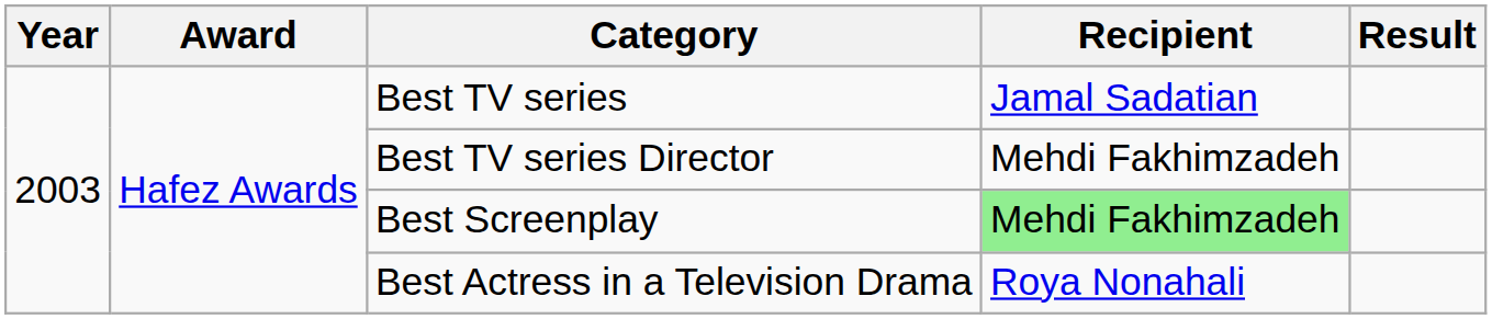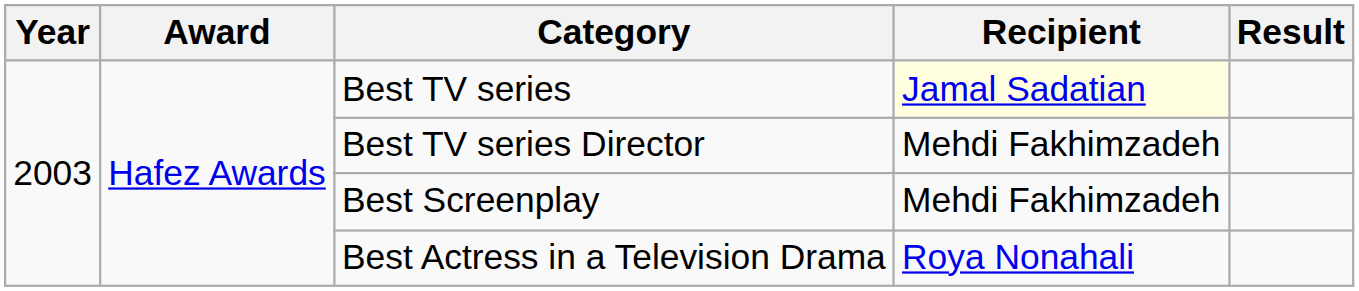 <table class="wikitable sortable">
 <tr>
 <th>Year</th>
 <th>Award</th>
 <th>Category</th>
 <th>Recipient</th>
 <th>Result</th>
 </tr>
 <tr>
 <td rowspan="4">2003</td>
 <td rowspan="4"><a href='#'>Hafez Awards</a></td>
 <td>Best TV series</td>
-<td><a href='#'>Jamal Sadatian</a></td>
+<td style="background: lightyellow;"><a href='#'>Jamal Sadatian</a></td>
 <td></td>
 </tr>
 <tr>
 <td>Best TV series Director</td>
 <td>Mehdi Fakhimzadeh</td>
 <td></td>
 </tr>
 <tr>
 <td>Best Screenplay</td>
-<td style="background: lightgreen;">Mehdi Fakhimzadeh</td>
+<td>Mehdi Fakhimzadeh</td>
 <td></td>
 </tr>
 <tr>
 <td>Best Actress in a Television Drama</td>
 <td><a href='#'>Roya Nonahali</a></td>
 <td></td>
 </tr>
 </table>
